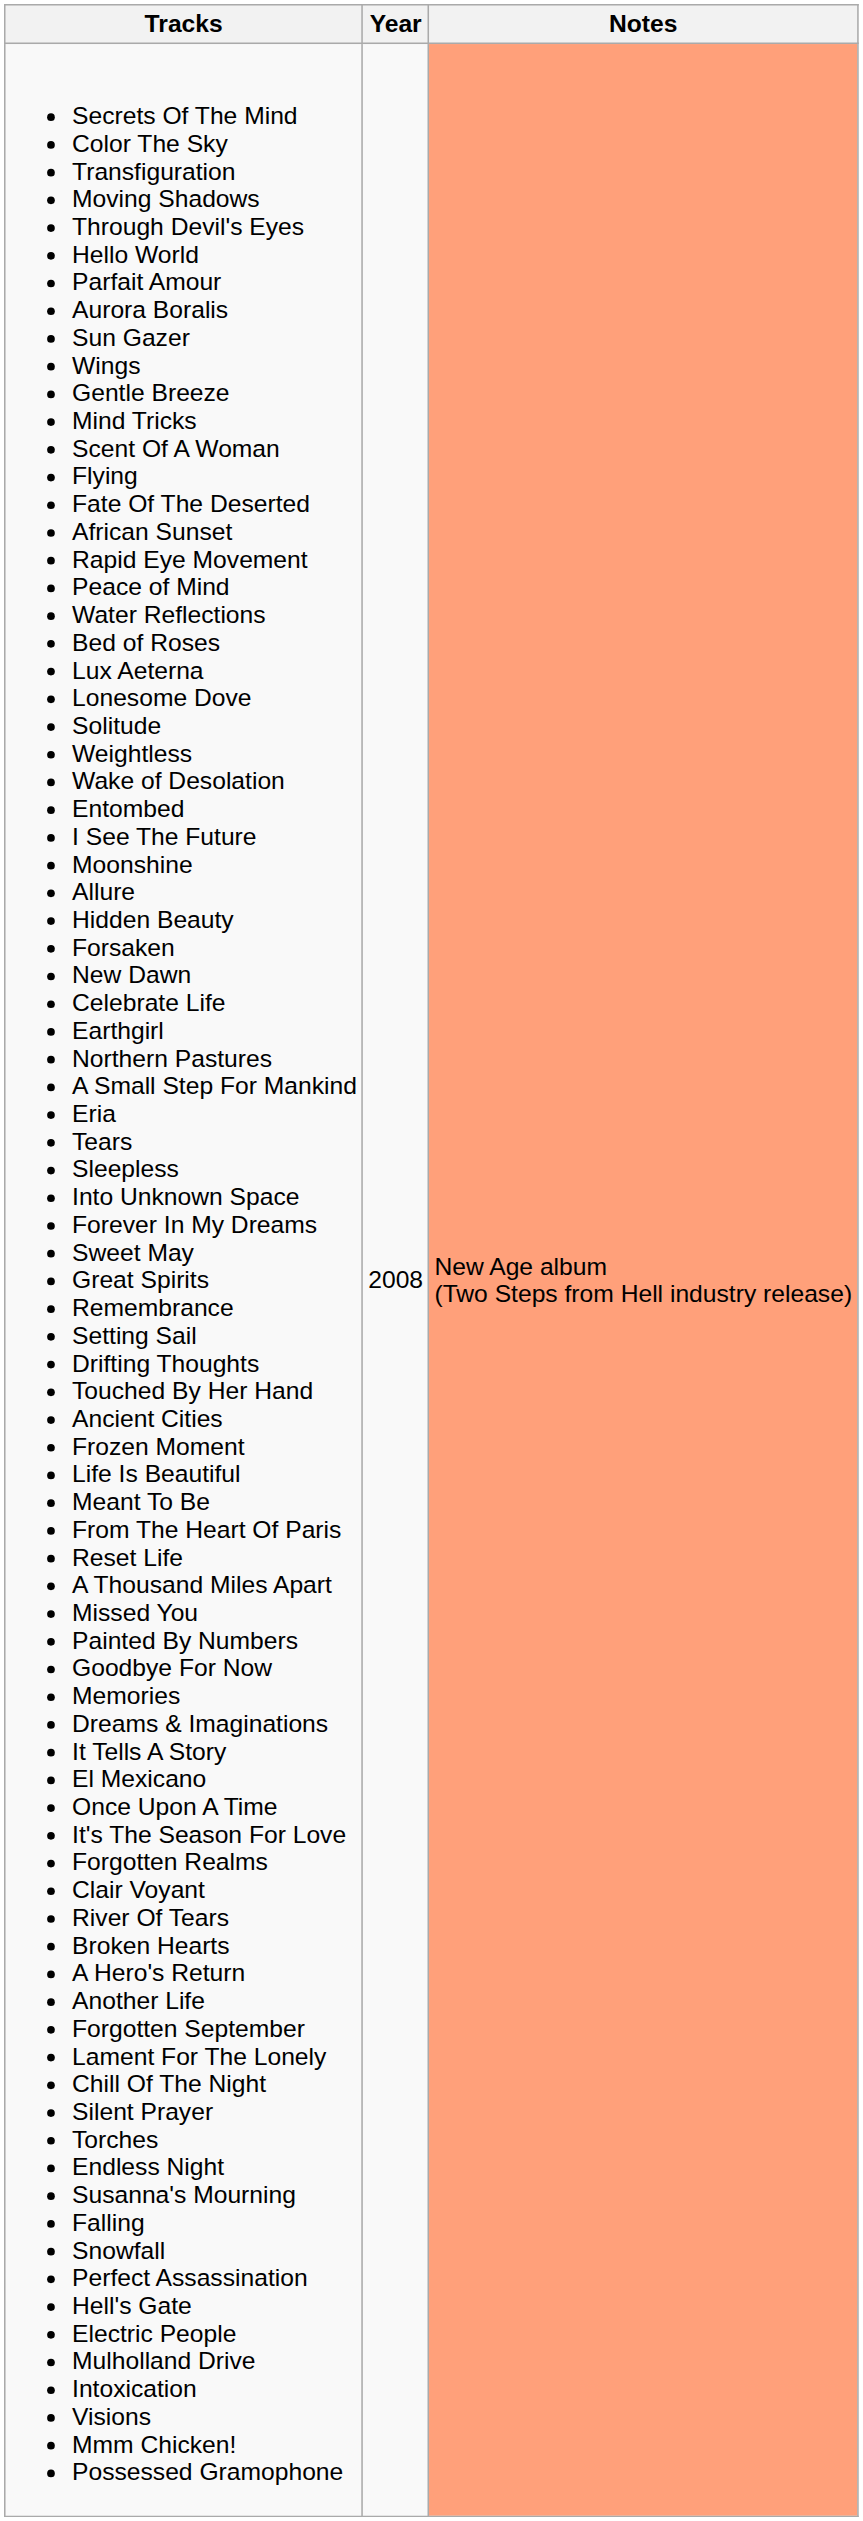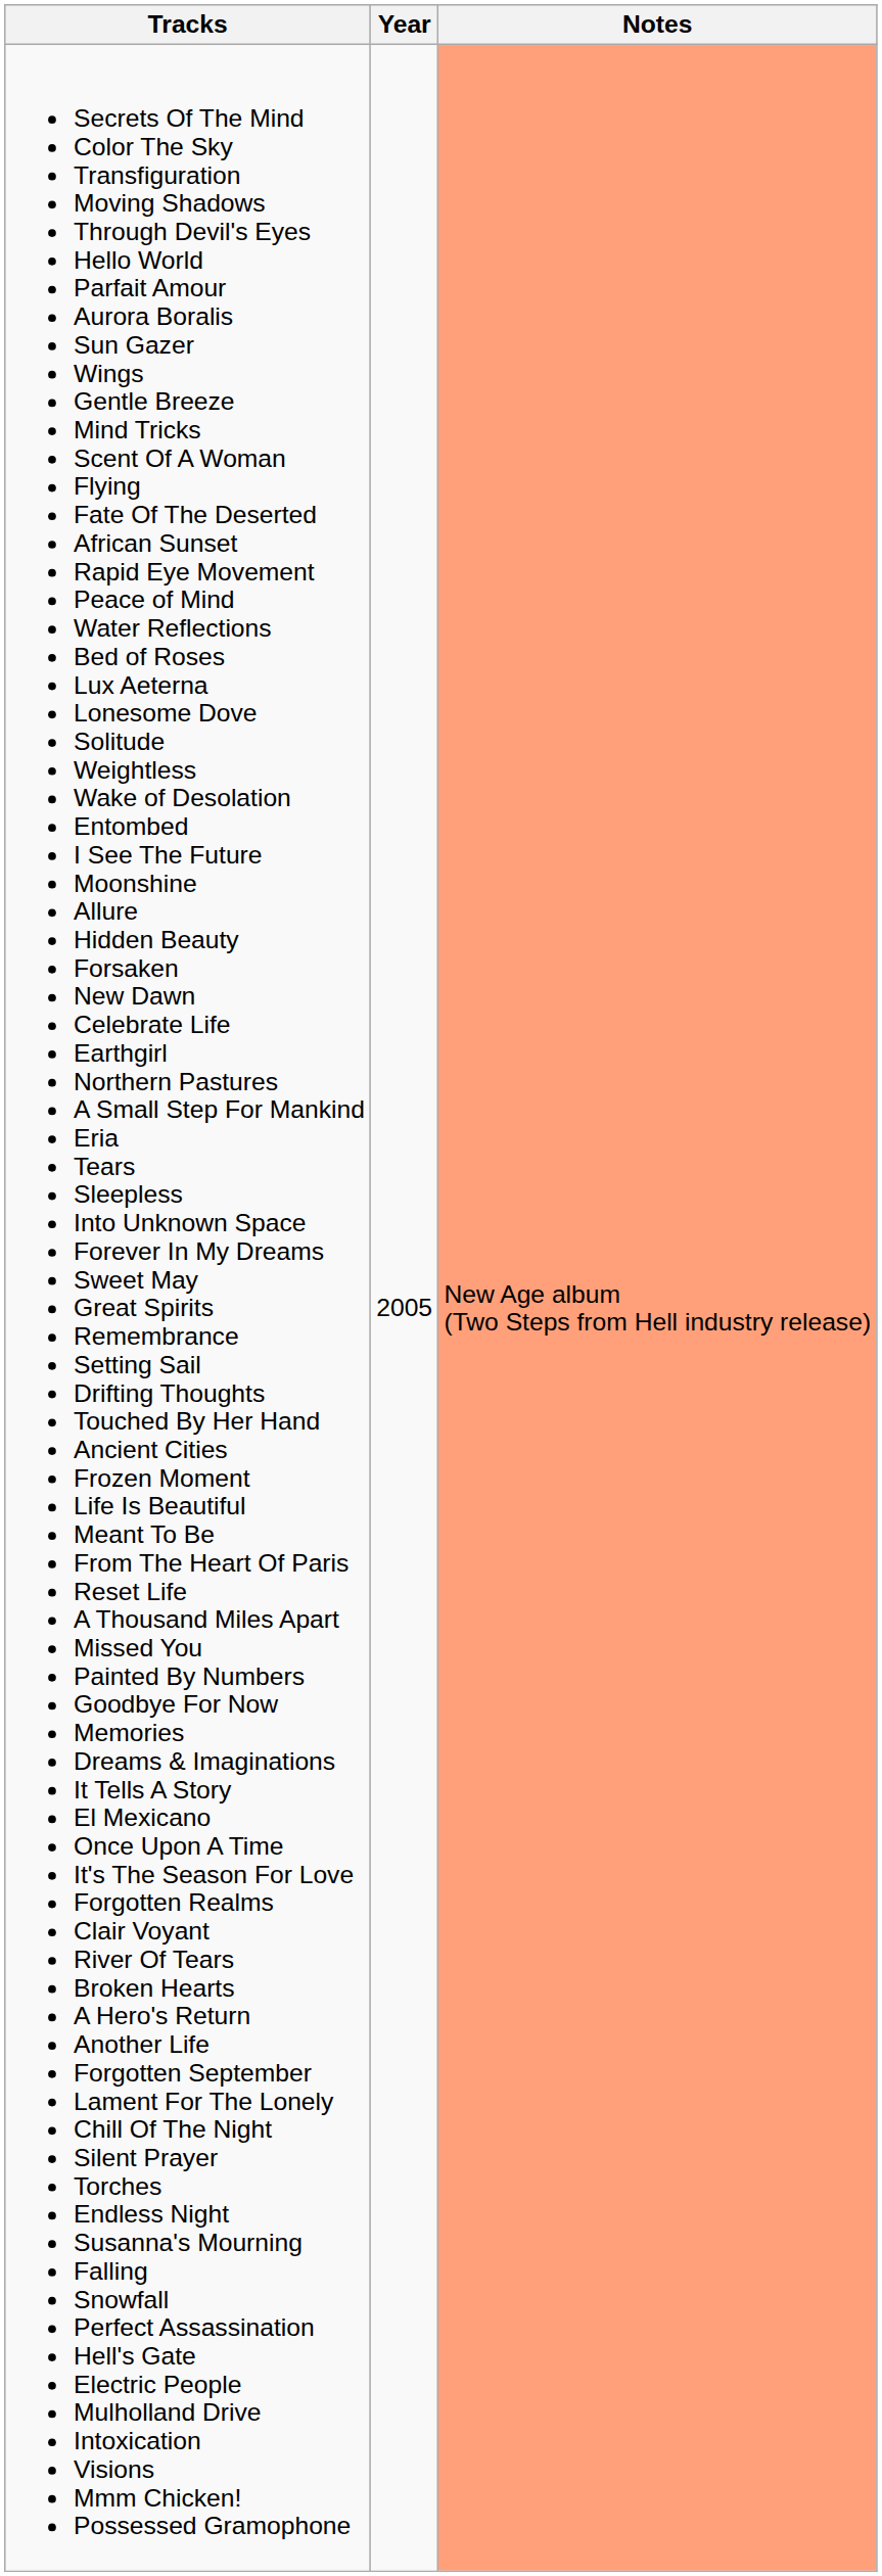 <table class="wikitable sortable">
 <tr>
 <th>Tracks</th>
 <th>Year</th>
 <th>Notes</th>
 </tr>
 <tr>
 <td><br><ul><li>Secrets Of The Mind</li><li>Color The Sky</li><li>Transfiguration</li><li>Moving Shadows</li><li>Through Devil's Eyes</li><li>Hello World</li><li>Parfait Amour</li><li>Aurora Boralis</li><li>Sun Gazer</li><li>Wings</li><li>Gentle Breeze</li><li>Mind Tricks</li><li>Scent Of A Woman</li><li>Flying</li><li>Fate Of The Deserted</li><li>African Sunset</li><li>Rapid Eye Movement</li><li>Peace of Mind</li><li>Water Reflections</li><li>Bed of Roses</li><li>Lux Aeterna</li><li>Lonesome Dove</li><li>Solitude</li><li>Weightless</li><li>Wake of Desolation</li><li>Entombed</li><li>I See The Future</li><li>Moonshine</li><li>Allure</li><li>Hidden Beauty</li><li>Forsaken</li><li>New Dawn</li><li>Celebrate Life</li><li>Earthgirl</li><li>Northern Pastures</li><li>A Small Step For Mankind</li><li>Eria</li><li>Tears</li><li>Sleepless</li><li>Into Unknown Space</li><li>Forever In My Dreams</li><li>Sweet May</li><li>Great Spirits</li><li>Remembrance</li><li>Setting Sail</li><li>Drifting Thoughts</li><li>Touched By Her Hand</li><li>Ancient Cities</li><li>Frozen Moment</li><li>Life Is Beautiful</li><li>Meant To Be</li><li>From The Heart Of Paris</li><li>Reset Life</li><li>A Thousand Miles Apart</li><li>Missed You</li><li>Painted By Numbers</li><li>Goodbye For Now</li><li>Memories</li><li>Dreams & Imaginations</li><li>It Tells A Story</li><li>El Mexicano</li><li>Once Upon A Time</li><li>It's The Season For Love</li><li>Forgotten Realms</li><li>Clair Voyant</li><li>River Of Tears</li><li>Broken Hearts</li><li>A Hero's Return</li><li>Another Life</li><li>Forgotten September</li><li>Lament For The Lonely</li><li>Chill Of The Night</li><li>Silent Prayer</li><li>Torches</li><li>Endless Night</li><li>Susanna's Mourning</li><li>Falling</li><li>Snowfall</li><li>Perfect Assassination</li><li>Hell's Gate</li><li>Electric People</li><li>Mulholland Drive</li><li>Intoxication</li><li>Visions</li><li>Mmm Chicken!</li><li>Possessed Gramophone</li></ul></td>
-<td>2008</td>
+<td>2005</td>
 <td style="background: lightsalmon;">New Age album<br>(Two Steps from Hell industry release)</td>
 </tr>
 </table>
